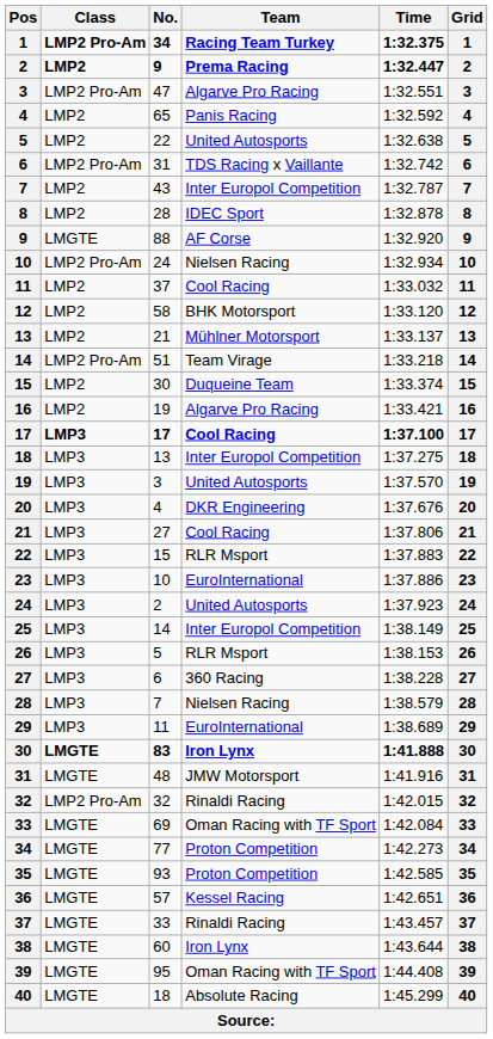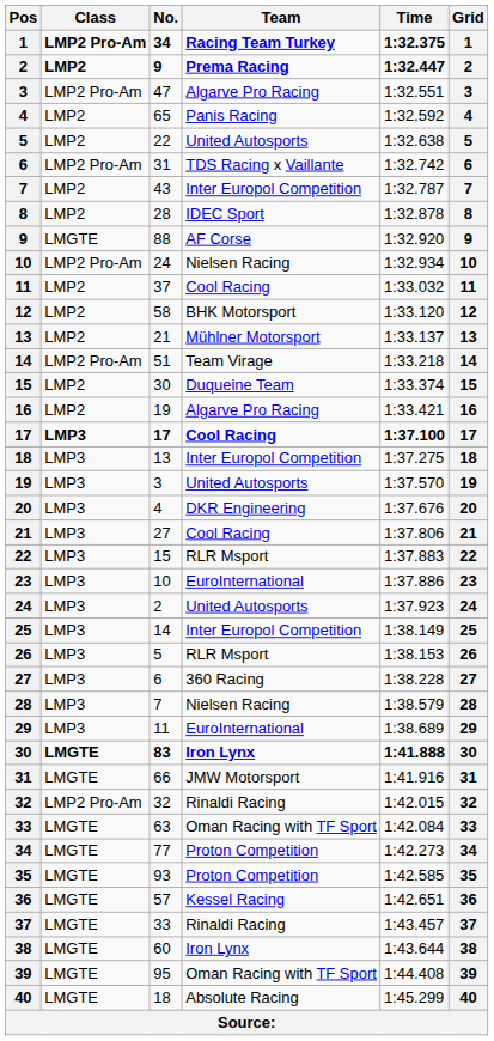 <table class="wikitable sortable" style="font-size: 90%;">
 <tr>
 <th>Pos</th>
 <th class="wikitable unsortable">Class</th>
 <th class="wikitable unsortable">No.</th>
 <th class="wikitable unsortable">Team</th>
 <th>Time</th>
 <th>Grid</th>
 </tr>
 <tr>
 <th>1</th>
 <td><strong>LMP2 Pro-Am</strong></td>
 <td><strong>34</strong></td>
 <td><strong> <a href='#'>Racing Team Turkey</a></strong></td>
 <td><strong>1:32.375</strong></td>
 <th>1</th>
 </tr>
 <tr>
 <th>2</th>
 <td><strong>LMP2</strong></td>
 <td><strong>9</strong></td>
 <td><strong> <a href='#'>Prema Racing</a></strong></td>
 <td><strong>1:32.447</strong></td>
 <th>2</th>
 </tr>
 <tr>
 <th>3</th>
 <td>LMP2 Pro-Am</td>
 <td>47</td>
 <td> <a href='#'>Algarve Pro Racing</a></td>
 <td>1:32.551</td>
 <th>3</th>
 </tr>
 <tr>
 <th>4</th>
 <td>LMP2</td>
 <td>65</td>
 <td> <a href='#'>Panis Racing</a></td>
 <td>1:32.592</td>
 <th>4</th>
 </tr>
 <tr>
 <th>5</th>
 <td>LMP2</td>
 <td>22</td>
 <td> <a href='#'>United Autosports</a></td>
 <td>1:32.638</td>
 <th>5</th>
 </tr>
 <tr>
 <th>6</th>
 <td>LMP2 Pro-Am</td>
 <td>31</td>
 <td> <a href='#'>TDS Racing</a> x <a href='#'>Vaillante</a></td>
 <td>1:32.742</td>
 <th>6</th>
 </tr>
 <tr>
 <th>7</th>
 <td>LMP2</td>
 <td>43</td>
 <td> <a href='#'>Inter Europol Competition</a></td>
 <td>1:32.787</td>
 <th>7</th>
 </tr>
 <tr>
 <th>8</th>
 <td>LMP2</td>
 <td>28</td>
 <td> <a href='#'>IDEC Sport</a></td>
 <td>1:32.878</td>
 <th>8</th>
 </tr>
 <tr>
 <th>9</th>
 <td>LMGTE</td>
 <td>88</td>
 <td> <a href='#'>AF Corse</a></td>
 <td>1:32.920</td>
 <th>9</th>
 </tr>
 <tr>
 <th>10</th>
 <td>LMP2 Pro-Am</td>
 <td>24</td>
 <td> Nielsen Racing</td>
 <td>1:32.934</td>
 <th>10</th>
 </tr>
 <tr>
 <th>11</th>
 <td>LMP2</td>
 <td>37</td>
 <td> <a href='#'>Cool Racing</a></td>
 <td>1:33.032</td>
 <th>11</th>
 </tr>
 <tr>
 <th>12</th>
 <td>LMP2</td>
 <td>58</td>
 <td> BHK Motorsport</td>
 <td>1:33.120</td>
 <th>12</th>
 </tr>
 <tr>
 <th>13</th>
 <td>LMP2</td>
 <td>21</td>
 <td> <a href='#'>Mühlner Motorsport</a></td>
 <td>1:33.137</td>
 <th>13</th>
 </tr>
 <tr>
 <th>14</th>
 <td>LMP2 Pro-Am</td>
 <td>51</td>
 <td> Team Virage</td>
 <td>1:33.218</td>
 <th>14</th>
 </tr>
 <tr>
 <th>15</th>
 <td>LMP2</td>
 <td>30</td>
 <td> <a href='#'>Duqueine Team</a></td>
 <td>1:33.374</td>
 <th>15</th>
 </tr>
 <tr>
 <th>16</th>
 <td>LMP2</td>
 <td>19</td>
 <td> <a href='#'>Algarve Pro Racing</a></td>
 <td>1:33.421</td>
 <th>16</th>
 </tr>
 <tr>
 <th>17</th>
 <td><strong>LMP3</strong></td>
 <td><strong>17</strong></td>
 <td><strong> <a href='#'>Cool Racing</a></strong></td>
 <td><strong>1:37.100</strong></td>
 <th>17</th>
 </tr>
 <tr>
 <th>18</th>
 <td>LMP3</td>
 <td>13</td>
 <td> <a href='#'>Inter Europol Competition</a></td>
 <td>1:37.275</td>
 <th>18</th>
 </tr>
 <tr>
 <th>19</th>
 <td>LMP3</td>
 <td>3</td>
 <td> <a href='#'>United Autosports</a></td>
 <td>1:37.570</td>
 <th>19</th>
 </tr>
 <tr>
 <th>20</th>
 <td>LMP3</td>
 <td>4</td>
 <td> <a href='#'>DKR Engineering</a></td>
 <td>1:37.676</td>
 <th>20</th>
 </tr>
 <tr>
 <th>21</th>
 <td>LMP3</td>
 <td>27</td>
 <td> <a href='#'>Cool Racing</a></td>
 <td>1:37.806</td>
 <th>21</th>
 </tr>
 <tr>
 <th>22</th>
 <td>LMP3</td>
 <td>15</td>
 <td> RLR Msport</td>
 <td>1:37.883</td>
 <th>22</th>
 </tr>
 <tr>
 <th>23</th>
 <td>LMP3</td>
 <td>10</td>
 <td> <a href='#'>EuroInternational</a></td>
 <td>1:37.886</td>
 <th>23</th>
 </tr>
 <tr>
 <th>24</th>
 <td>LMP3</td>
 <td>2</td>
 <td> <a href='#'>United Autosports</a></td>
 <td>1:37.923</td>
 <th>24</th>
 </tr>
 <tr>
 <th>25</th>
 <td>LMP3</td>
 <td>14</td>
 <td> <a href='#'>Inter Europol Competition</a></td>
 <td>1:38.149</td>
 <th>25</th>
 </tr>
 <tr>
 <th>26</th>
 <td>LMP3</td>
 <td>5</td>
 <td> RLR Msport</td>
 <td>1:38.153</td>
 <th>26</th>
 </tr>
 <tr>
 <th>27</th>
 <td>LMP3</td>
 <td>6</td>
 <td> 360 Racing</td>
 <td>1:38.228</td>
 <th>27</th>
 </tr>
 <tr>
 <th>28</th>
 <td>LMP3</td>
 <td>7</td>
 <td> Nielsen Racing</td>
 <td>1:38.579</td>
 <th>28</th>
 </tr>
 <tr>
 <th>29</th>
 <td>LMP3</td>
 <td>11</td>
 <td> <a href='#'>EuroInternational</a></td>
 <td>1:38.689</td>
 <th>29</th>
 </tr>
 <tr>
 <th>30</th>
 <td><strong>LMGTE</strong></td>
 <td><strong>83</strong></td>
 <td><strong> <a href='#'>Iron Lynx</a></strong></td>
 <td><strong>1:41.888</strong></td>
 <th>30</th>
 </tr>
 <tr>
 <th>31</th>
 <td>LMGTE</td>
-<td>48</td>
+<td>66</td>
 <td> JMW Motorsport</td>
 <td>1:41.916</td>
 <th>31</th>
 </tr>
 <tr>
 <th>32</th>
 <td>LMP2 Pro-Am</td>
 <td>32</td>
 <td> Rinaldi Racing</td>
 <td>1:42.015</td>
 <th>32</th>
 </tr>
 <tr>
 <th>33</th>
 <td>LMGTE</td>
-<td>69</td>
+<td>63</td>
 <td> Oman Racing with <a href='#'>TF Sport</a></td>
 <td>1:42.084</td>
 <th>33</th>
 </tr>
 <tr>
 <th>34</th>
 <td>LMGTE</td>
 <td>77</td>
 <td> <a href='#'>Proton Competition</a></td>
 <td>1:42.273</td>
 <th>34</th>
 </tr>
 <tr>
 <th>35</th>
 <td>LMGTE</td>
 <td>93</td>
 <td> <a href='#'>Proton Competition</a></td>
 <td>1:42.585</td>
 <th>35</th>
 </tr>
 <tr>
 <th>36</th>
 <td>LMGTE</td>
 <td>57</td>
 <td> <a href='#'>Kessel Racing</a></td>
 <td>1:42.651</td>
 <th>36</th>
 </tr>
 <tr>
 <th>37</th>
 <td>LMGTE</td>
 <td>33</td>
 <td> Rinaldi Racing</td>
 <td>1:43.457</td>
 <th>37</th>
 </tr>
 <tr>
 <th>38</th>
 <td>LMGTE</td>
 <td>60</td>
 <td> <a href='#'>Iron Lynx</a></td>
 <td>1:43.644</td>
 <th>38</th>
 </tr>
 <tr>
 <th>39</th>
 <td>LMGTE</td>
 <td>95</td>
 <td> Oman Racing with <a href='#'>TF Sport</a></td>
 <td>1:44.408</td>
 <th>39</th>
 </tr>
 <tr>
 <th>40</th>
 <td>LMGTE</td>
 <td>18</td>
 <td> Absolute Racing</td>
 <td>1:45.299</td>
 <th>40</th>
 </tr>
 <tr>
 <th colspan="6">Source:</th>
 </tr>
 </table>
